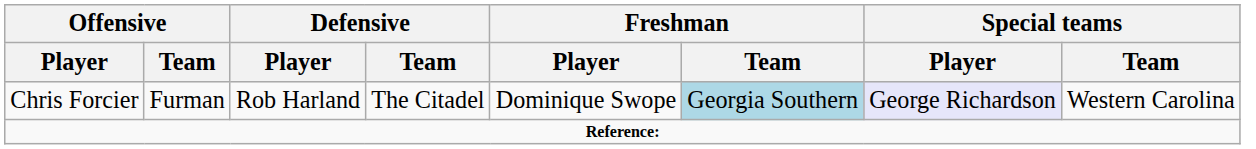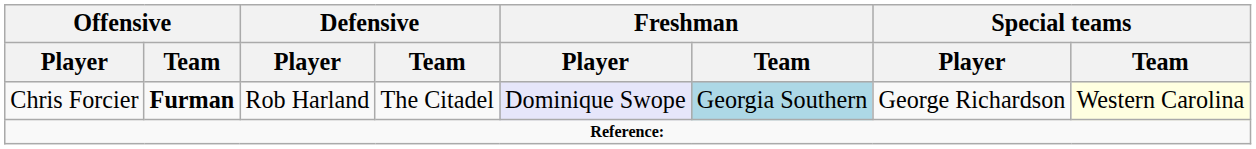 <table class="wikitable" border="1">
 <tr>
 <th colspan="2">Offensive</th>
 <th colspan="2">Defensive</th>
 <th colspan="2">Freshman</th>
 <th colspan="2">Special teams</th>
 </tr>
 <tr>
 <th>Player</th>
 <th>Team</th>
 <th>Player</th>
 <th>Team</th>
 <th>Player</th>
 <th>Team</th>
 <th>Player</th>
 <th>Team</th>
 </tr>
 <tr>
 <td>Chris Forcier</td>
-<td>Furman</td>
+<td><strong>Furman</strong></td>
 <td>Rob Harland</td>
 <td>The Citadel</td>
-<td>Dominique Swope</td>
+<td style="background: lavender;">Dominique Swope</td>
 <td style="background: lightblue;">Georgia Southern</td>
-<td style="background: lavender;">George Richardson</td>
-<td>Western Carolina</td>
+<td>George Richardson</td>
+<td style="background: lightyellow;">Western Carolina</td>
 </tr>
 <tr>
 <td colspan="8" style="font-size: 8pt" align="center"><strong>Reference:</strong></td>
 </tr>
 </table>
